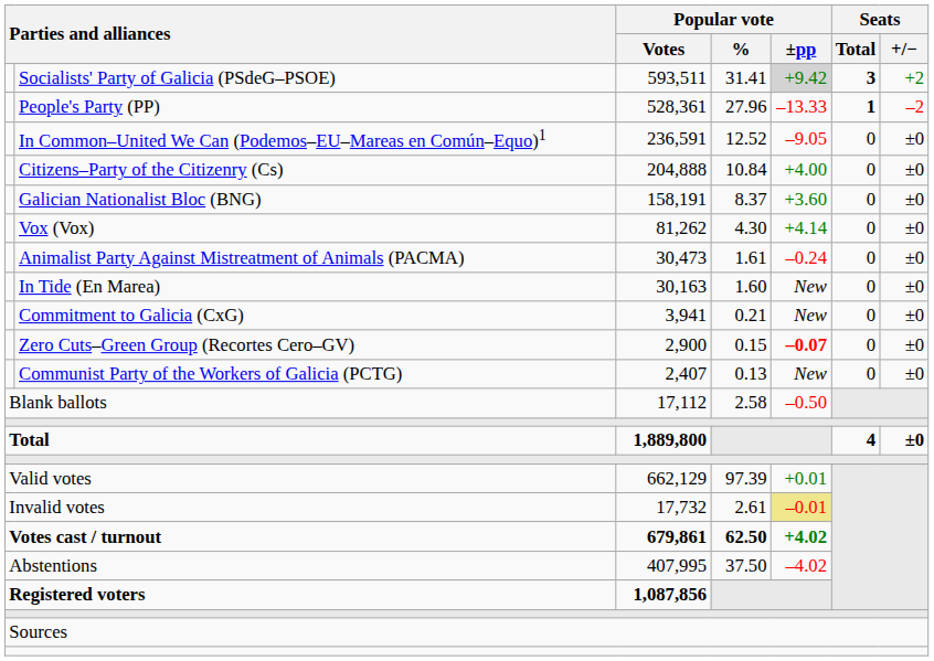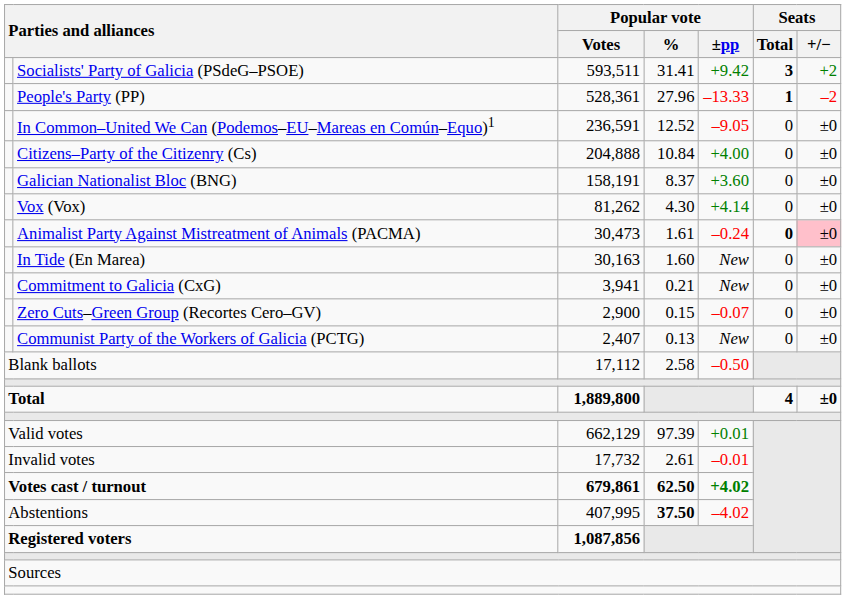 <table class="wikitable" style="text-align:right;">
 <tr>
 <th style="text-align:left;" rowspan="2" colspan="2" width="525">Parties and alliances</th>
 <th colspan="3">Popular vote</th>
 <th colspan="2">Seats</th>
 </tr>
 <tr>
 <th width="75">Votes</th>
 <th width="45">%</th>
 <th width="45">±<a href='#'>pp</a></th>
 <th width="35">Total</th>
 <th width="35">+/−</th>
 </tr>
 <tr>
 <td width="1" style="color:inherit;background:"></td>
 <td align="left"><a href='#'>Socialists' Party of Galicia</a> (PSdeG–PSOE)</td>
 <td>593,511</td>
 <td>31.41</td>
-<td style="background: lightgrey; color:green;">+9.42</td>
+<td style="color:green;">+9.42</td>
 <td><strong>3</strong></td>
 <td style="color:green;">+2</td>
 </tr>
 <tr>
 <td style="color:inherit;background:"></td>
 <td align="left"><a href='#'>People's Party</a> (PP)</td>
 <td>528,361</td>
 <td>27.96</td>
 <td style="color:red;">–13.33</td>
 <td><strong>1</strong></td>
 <td style="color:red;">–2</td>
 </tr>
 <tr>
 <td style="color:inherit;background:"></td>
 <td align="left"><a href='#'>In Common–United We Can</a> (<a href='#'>Podemos</a>–<a href='#'>EU</a>–<a href='#'>Mareas en Común</a>–<a href='#'>Equo</a>)<sup>1</sup></td>
 <td>236,591</td>
 <td>12.52</td>
 <td style="color:red;">–9.05</td>
 <td>0</td>
 <td>±0</td>
 </tr>
 <tr>
 <td style="color:inherit;background:"></td>
 <td align="left"><a href='#'>Citizens–Party of the Citizenry</a> (Cs)</td>
 <td>204,888</td>
 <td>10.84</td>
 <td style="color:green;">+4.00</td>
 <td>0</td>
 <td>±0</td>
 </tr>
 <tr>
 <td style="color:inherit;background:"></td>
 <td align="left"><a href='#'>Galician Nationalist Bloc</a> (BNG)</td>
 <td>158,191</td>
 <td>8.37</td>
 <td style="color:green;">+3.60</td>
 <td>0</td>
 <td>±0</td>
 </tr>
 <tr>
 <td style="color:inherit;background:"></td>
 <td align="left"><a href='#'>Vox</a> (Vox)</td>
 <td>81,262</td>
 <td>4.30</td>
 <td style="color:green;">+4.14</td>
 <td>0</td>
 <td>±0</td>
 </tr>
 <tr>
 <td style="color:inherit;background:"></td>
 <td align="left"><a href='#'>Animalist Party Against Mistreatment of Animals</a> (PACMA)</td>
 <td>30,473</td>
 <td>1.61</td>
 <td style="color:red;">–0.24</td>
-<td>0</td>
-<td>±0</td>
+<td><strong>0</strong></td>
+<td style="background: pink;">±0</td>
 </tr>
 <tr>
 <td style="color:inherit;background:"></td>
 <td align="left"><a href='#'>In Tide</a> (En Marea)</td>
 <td>30,163</td>
 <td>1.60</td>
 <td><em>New</em></td>
 <td>0</td>
 <td>±0</td>
 </tr>
 <tr>
 <td style="color:inherit;background:"></td>
 <td align="left"><a href='#'>Commitment to Galicia</a> (CxG)</td>
 <td>3,941</td>
 <td>0.21</td>
 <td><em>New</em></td>
 <td>0</td>
 <td>±0</td>
 </tr>
 <tr>
 <td style="color:inherit;background:"></td>
 <td align="left"><a href='#'>Zero Cuts</a>–<a href='#'>Green Group</a> (Recortes Cero–GV)</td>
 <td>2,900</td>
 <td>0.15</td>
-<td style="color:red;"><strong>–0.07</strong></td>
+<td style="color:red;">–0.07</td>
 <td>0</td>
 <td>±0</td>
 </tr>
 <tr>
 <td style="color:inherit;background:"></td>
 <td align="left"><a href='#'>Communist Party of the Workers of Galicia</a> (PCTG)</td>
 <td>2,407</td>
 <td>0.13</td>
 <td><em>New</em></td>
 <td>0</td>
 <td>±0</td>
 </tr>
 <tr>
 <td align="left" colspan="2">Blank ballots</td>
 <td>17,112</td>
 <td>2.58</td>
 <td style="color:red;">–0.50</td>
 <td bgcolor="#E9E9E9" colspan="2"></td>
 </tr>
 <tr>
 <td colspan="7" bgcolor="#E9E9E9"></td>
 </tr>
 <tr style="font-weight:bold;">
 <td align="left" colspan="2">Total</td>
 <td>1,889,800</td>
 <td bgcolor="#E9E9E9" colspan="2"></td>
 <td>4</td>
 <td>±0</td>
 </tr>
 <tr>
 <td colspan="7" bgcolor="#E9E9E9"></td>
 </tr>
 <tr>
 <td align="left" colspan="2">Valid votes</td>
 <td>662,129</td>
 <td>97.39</td>
 <td style="color:green;">+0.01</td>
 <td bgcolor="#E9E9E9" colspan="2" rowspan="5"></td>
 </tr>
 <tr>
 <td align="left" colspan="2">Invalid votes</td>
 <td>17,732</td>
 <td>2.61</td>
-<td style="background: khaki; color:red;">–0.01</td>
+<td style="color:red;">–0.01</td>
 </tr>
 <tr style="font-weight:bold;">
 <td align="left" colspan="2">Votes cast / turnout</td>
 <td>679,861</td>
 <td>62.50</td>
 <td style="color:green;">+4.02</td>
 </tr>
 <tr>
 <td align="left" colspan="2">Abstentions</td>
 <td>407,995</td>
-<td>37.50</td>
+<td><strong>37.50</strong></td>
 <td style="color:red;">–4.02</td>
 </tr>
 <tr style="font-weight:bold;">
 <td align="left" colspan="2">Registered voters</td>
 <td>1,087,856</td>
 <td bgcolor="#E9E9E9" colspan="2"></td>
 </tr>
 <tr>
 <td colspan="7" bgcolor="#E9E9E9"></td>
 </tr>
 <tr>
 <td align="left" colspan="7">Sources</td>
 </tr>
 <tr>
 <td colspan="7" style="text-align:left; max-width:790px;"></td>
 </tr>
 </table>
